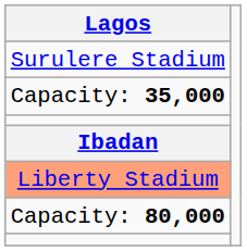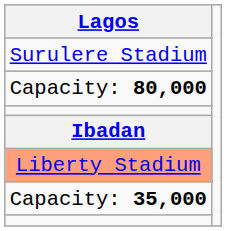 <table class="wikitable" style="text-align:center">
 <tr>
 <th><a href='#'>Lagos</a></th>
 <td rowspan="8"></td>
 </tr>
 <tr>
 <td><a href='#'>Surulere Stadium</a></td>
 </tr>
 <tr>
-<td>Capacity: <strong>35,000</strong></td>
+<td>Capacity: <strong>80,000</strong></td>
 </tr>
 <tr>
 <td></td>
 </tr>
 <tr>
 <th><a href='#'>Ibadan</a></th>
 </tr>
 <tr>
 <td style="background: lightsalmon;"><a href='#'>Liberty Stadium</a></td>
 </tr>
 <tr>
-<td>Capacity: <strong>80,000</strong></td>
+<td>Capacity: <strong>35,000</strong></td>
 </tr>
 <tr>
 <td></td>
 </tr>
 </table>
